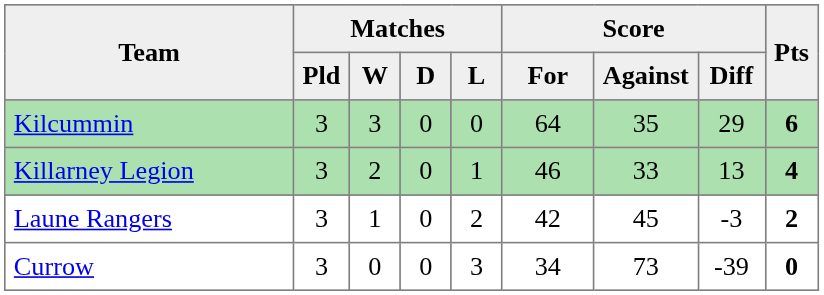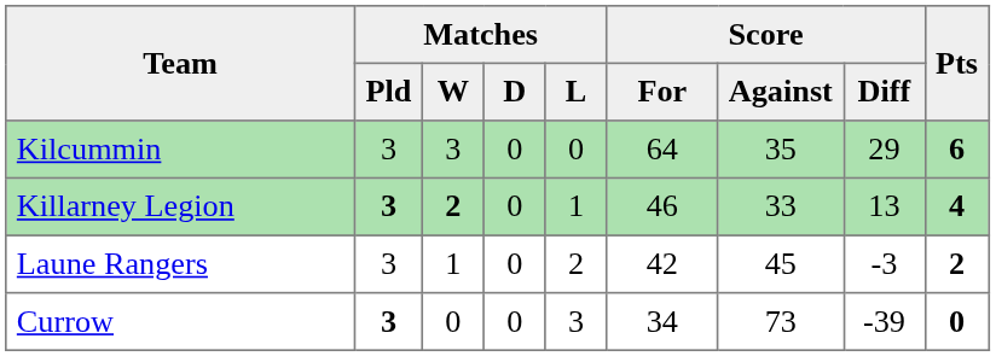 <table style=border-collapse:collapse border=1 cellspacing=0 cellpadding=5>
 <tr align=center bgcolor=#efefef>
 <th rowspan=2 width=165>Team</th>
 <th colspan=4>Matches</th>
 <th colspan=3>Score</th>
 <th rowspan=2width=20>Pts</th>
 </tr>
 <tr align=center bgcolor=#efefef>
 <th width=20>Pld</th>
 <th width=20>W</th>
 <th width=20>D</th>
 <th width=20>L</th>
 <th width=45>For</th>
 <th width=45>Against</th>
 <th width=30>Diff</th>
 </tr>
 <tr align=center style="background:#ACE1AF;">
 <td style="text-align:left;"><a href='#'>Kilcummin</a></td>
 <td>3</td>
 <td>3</td>
 <td>0</td>
 <td>0</td>
 <td>64</td>
 <td>35</td>
 <td>29</td>
 <td><strong>6</strong></td>
 </tr>
 <tr align=center style="background:#ACE1AF;">
 <td style="text-align:left;"><a href='#'>Killarney Legion</a></td>
-<td>3</td>
-<td>2</td>
+<td><strong>3</strong></td>
+<td><strong>2</strong></td>
 <td>0</td>
 <td>1</td>
 <td>46</td>
 <td>33</td>
 <td>13</td>
 <td><strong>4</strong></td>
 </tr>
 <tr align=center>
 <td style="text-align:left;"><a href='#'>Laune Rangers</a></td>
 <td>3</td>
 <td>1</td>
 <td>0</td>
 <td>2</td>
 <td>42</td>
 <td>45</td>
 <td>-3</td>
 <td><strong>2</strong></td>
 </tr>
 <tr align=center>
 <td style="text-align:left;"><a href='#'>Currow</a></td>
-<td>3</td>
+<td><strong>3</strong></td>
 <td>0</td>
 <td>0</td>
 <td>3</td>
 <td>34</td>
 <td>73</td>
 <td>-39</td>
 <td><strong>0</strong></td>
 </tr>
 </table>
